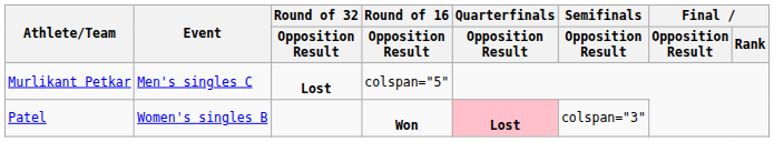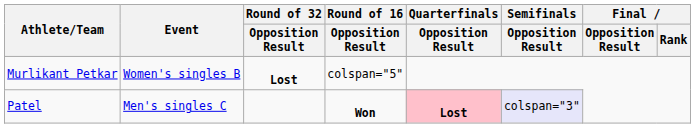 <table class=wikitable style="font-size:90%">
 <tr align=center>
 <th rowspan="2">Athlete/Team</th>
 <th rowspan="2">Event</th>
 <th>Round of 32</th>
 <th>Round of 16</th>
 <th>Quarterfinals</th>
 <th>Semifinals</th>
 <th colspan="2">Final / </th>
 </tr>
 <tr>
 <th>Opposition<br>Result</th>
 <th>Opposition<br>Result</th>
 <th>Opposition<br>Result</th>
 <th>Opposition<br>Result</th>
 <th>Opposition<br>Result</th>
 <th>Rank</th>
 </tr>
 <tr align=center>
 <td align=left><a href='#'>Murlikant Petkar</a></td>
-<td align=left><a href='#'>Men's singles C</a></td>
+<td align=left><a href='#'>Women's singles B</a></td>
 <td><br> <strong>Lost</strong></td>
 <td>colspan="5" </td>
 </tr>
 <tr align=center>
 <td align=left><a href='#'>Patel</a></td>
-<td align=left><a href='#'>Women's singles B</a></td>
+<td align=left><a href='#'>Men's singles C</a></td>
 <td></td>
 <td><br> <strong>Won</strong></td>
 <td style="background: pink;"><br> <strong>Lost</strong></td>
-<td>colspan="3" </td>
+<td style="background: lavender;">colspan="3" </td>
 </tr>
 </table>
